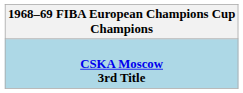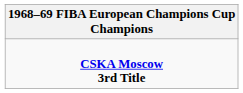 <table class=wikitable style="text-align:center; margin:auto">
 <tr>
 <th>1968–69 FIBA European Champions Cup<br>Champions</th>
 </tr>
 <tr>
-<td style="background: lightblue;"> <br> <strong><a href='#'>CSKA Moscow</a></strong> <br> <strong>3rd Title</strong></td>
+<td> <br> <strong><a href='#'>CSKA Moscow</a></strong> <br> <strong>3rd Title</strong></td>
 </tr>
 </table>
